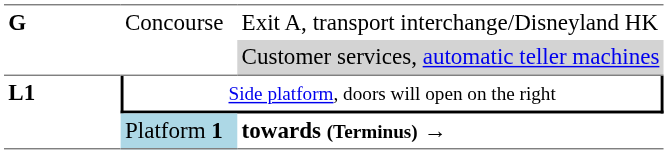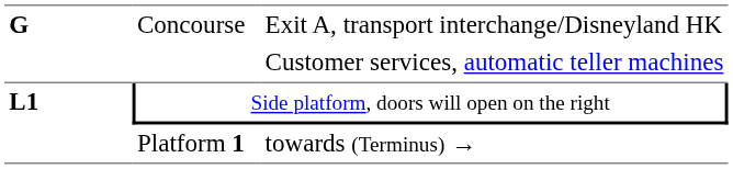 <table border=0 cellspacing=0 cellpadding=3>
 <tr>
 <td rowspan=2 valign=top style="border-bottom:solid 1px gray;border-top:solid 1px gray;width:75px;vertical-align:top;"><strong>G</strong></td>
 <td rowspan=2 valign=top style="border-bottom:solid 1px gray;border-top:solid 1px gray;width:75px;vertical-align:top;">Concourse</td>
 <td style="border-top:solid 1px gray;">Exit A, transport interchange/Disneyland HK</td>
 </tr>
 <tr>
-<td style="background: lightgrey; border-bottom:solid 1px gray;">Customer services, <a href='#'>automatic teller machines</a></td>
+<td style="border-bottom:solid 1px gray;">Customer services, <a href='#'>automatic teller machines</a></td>
 </tr>
 <tr>
 <td rowspan=2 valign=top style="border-bottom:solid 1px gray;"><strong>L1</strong></td>
 <td style="border-right:solid 2px black;border-left:solid 2px black;border-bottom:solid 2px black;text-align:center;" colspan=2><small><a href='#'>Side platform</a>, doors will open on the right</small></td>
 </tr>
 <tr>
-<td style="background: lightblue; border-bottom:solid 1px gray;">Platform <span><strong>1</strong></span></td>
-<td style="border-bottom:solid 1px gray;"><strong>  towards  <small>(Terminus)</small> →</strong></td>
+<td style="border-bottom:solid 1px gray;">Platform <span><strong>1</strong></span></td>
+<td style="border-bottom:solid 1px gray;">  towards  <small>(Terminus)</small> →</td>
 </tr>
 </table>
